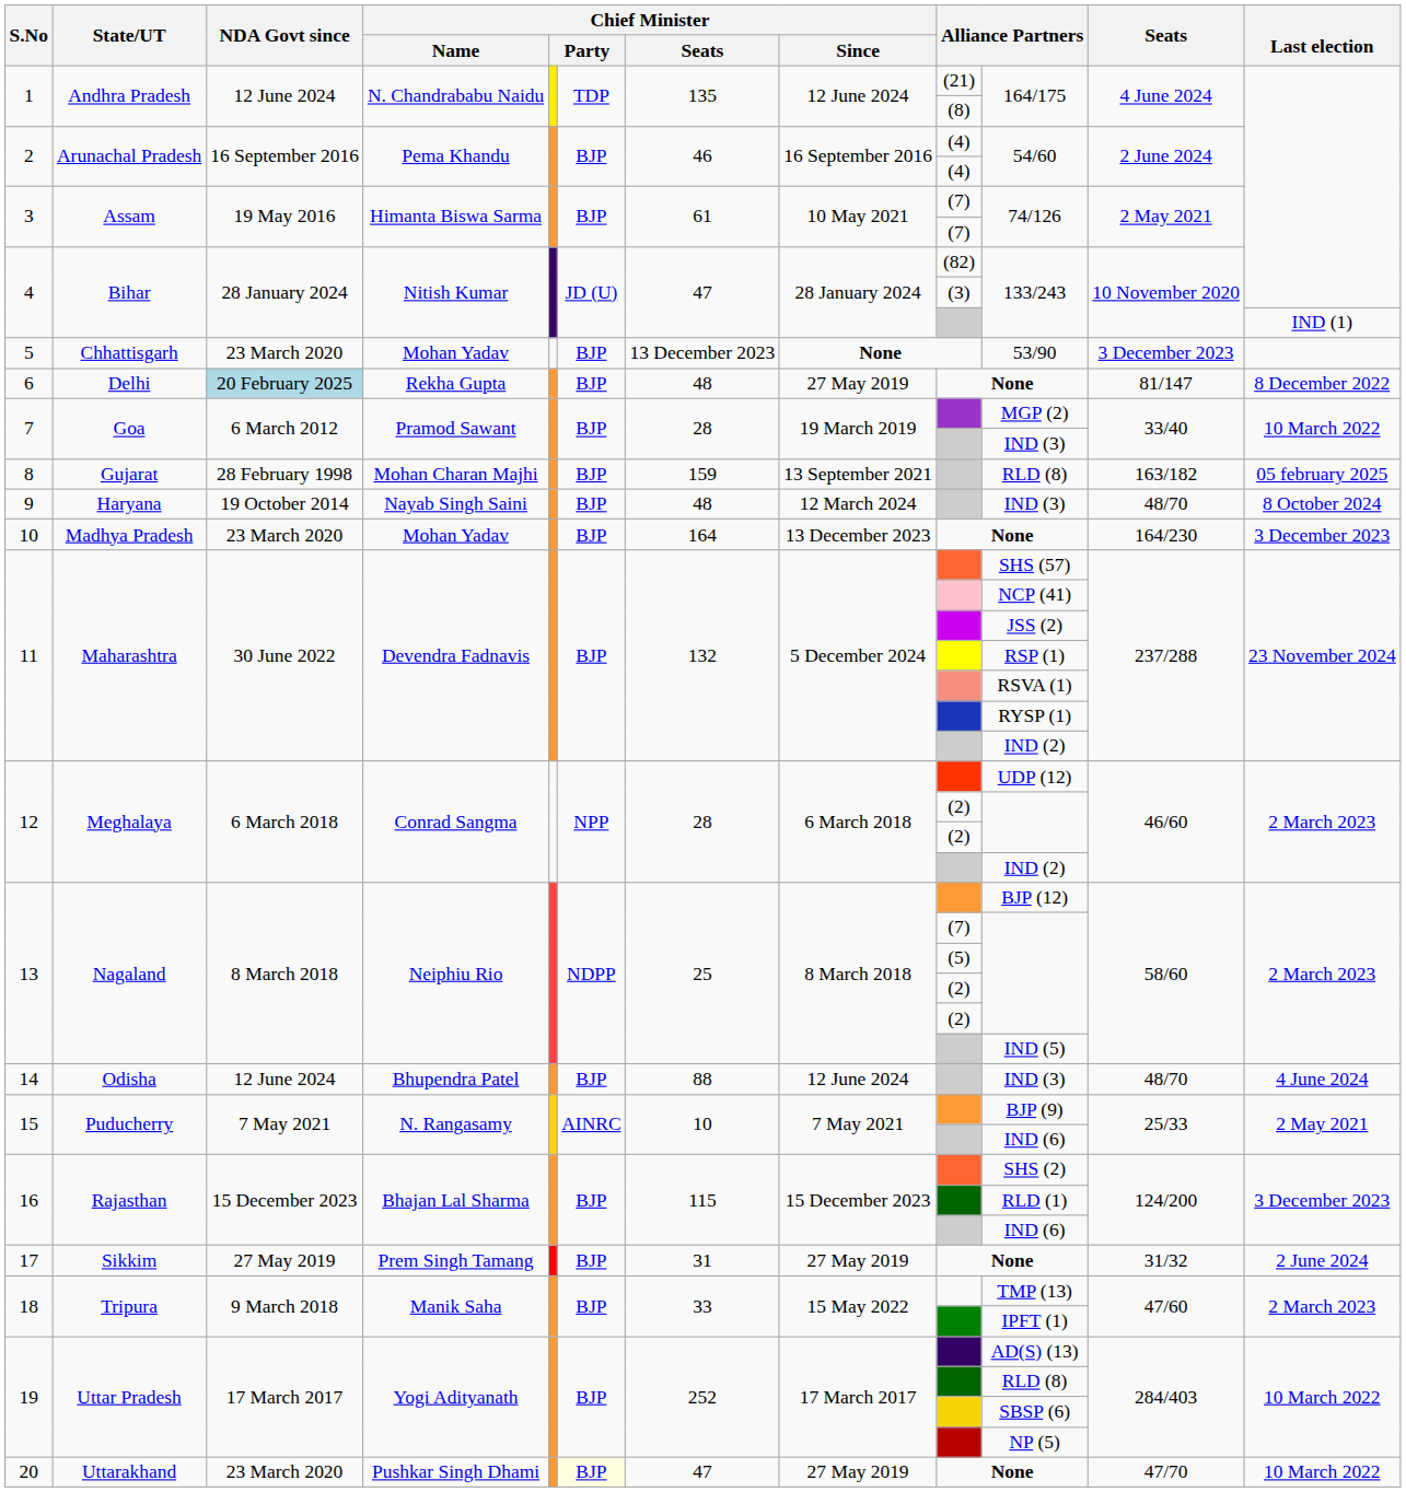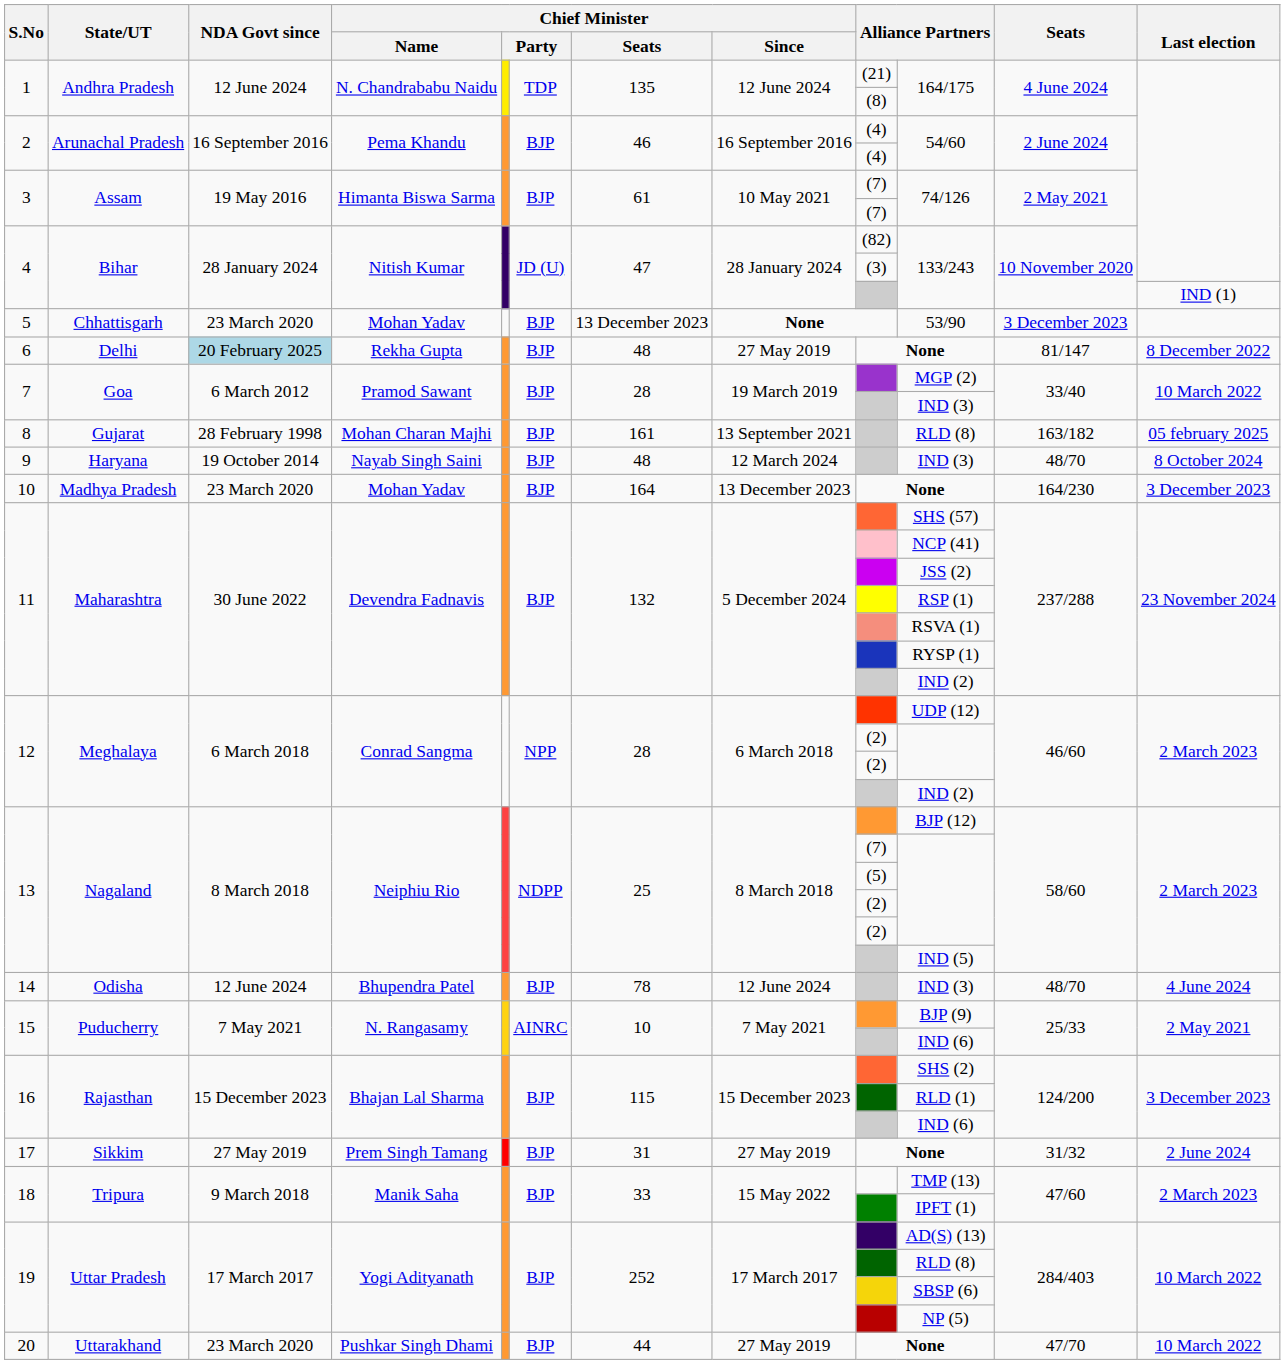 <table class="wikitable sortable" style="text-align:center">
 <tr>
 <th colspan="1" rowspan="2">S.No</th>
 <th colspan="1" rowspan="2">State/UT</th>
 <th rowspan="2">NDA Govt since</th>
 <th colspan="5" rowspan="1">Chief Minister</th>
 <th colspan="2" rowspan="2">Alliance Partners</th>
 <th colspan="1" rowspan="2">Seats</th>
 <th colspan="1" rowspan="2"><br>Last election</th>
 </tr>
 <tr>
 <th>Name</th>
 <th colspan="2">Party</th>
 <th>Seats</th>
 <th>Since</th>
 </tr>
 <tr>
 <td rowspan=2>1</td>
 <td rowspan=2><a href='#'>Andhra Pradesh</a><br></td>
 <td rowspan=2>12 June 2024</td>
 <td rowspan=2><a href='#'>N. Chandrababu Naidu</a></td>
 <td rowspan="2" bgcolor="#FFED00"></td>
 <td rowspan=2><a href='#'>TDP</a></td>
 <td rowspan=2>135</td>
 <td rowspan=2>12 June 2024</td>
 <td> (21)</td>
 <td rowspan=2>164/175</td>
 <td rowspan=2><a href='#'>4 June 2024</a></td>
 </tr>
 <tr>
 <td> (8)</td>
 </tr>
 <tr>
 <td rowspan=2>2</td>
 <td rowspan=2><a href='#'>Arunachal Pradesh</a><br></td>
 <td rowspan=2>16 September 2016</td>
 <td rowspan=2><a href='#'>Pema Khandu</a></td>
 <td rowspan="2" bgcolor="#FF9933"></td>
 <td rowspan=2><a href='#'>BJP</a></td>
 <td rowspan=2>46</td>
 <td rowspan=2>16 September 2016</td>
 <td> (4)</td>
 <td rowspan=2>54/60</td>
 <td rowspan=2><a href='#'>2 June 2024</a></td>
 </tr>
 <tr>
 <td> (4)</td>
 </tr>
 <tr>
 <td rowspan="2">3</td>
 <td rowspan="2"><a href='#'>Assam</a><br></td>
 <td rowspan="2">19 May 2016</td>
 <td rowspan="2"><a href='#'>Himanta Biswa Sarma</a></td>
 <td rowspan="2" bgcolor="#FF9933"></td>
 <td rowspan="2"><a href='#'>BJP</a></td>
 <td rowspan="2">61</td>
 <td rowspan="2">10 May 2021</td>
 <td> (7)</td>
 <td rowspan="2">74/126</td>
 <td rowspan="2"><a href='#'>2 May 2021</a></td>
 </tr>
 <tr>
 <td> (7)</td>
 </tr>
 <tr>
 <td rowspan="3">4</td>
 <td rowspan="3"><a href='#'>Bihar</a><br></td>
 <td rowspan="3">28 January 2024</td>
 <td rowspan="3"><a href='#'>Nitish Kumar</a></td>
 <td rowspan="3" bgcolor="#330066"></td>
 <td rowspan="3"><a href='#'>JD (U)</a></td>
 <td rowspan="3">47</td>
 <td rowspan="3">28 January 2024</td>
 <td> (82)</td>
 <td rowspan="3">133/243</td>
 <td rowspan="3"><a href='#'>10 November 2020</a></td>
 </tr>
 <tr>
 <td> (3)</td>
 </tr>
 <tr>
 <td bgcolor="#CDCDCD"></td>
 <td><a href='#'>IND</a> (1)</td>
 </tr>
 <tr>
 <td>5</td>
 <td><a href='#'>Chhattisgarh</a><br></td>
 <td>23 March 2020</td>
 <td><a href='#'>Mohan Yadav</a></td>
 <td></td>
 <td><a href='#'>BJP</a></td>
 <td>13 December 2023</td>
 <td colspan="2"><strong>None</strong></td>
 <td>53/90</td>
 <td><a href='#'>3 December 2023</a></td>
 </tr>
 <tr>
 <td>6</td>
 <td><a href='#'>Delhi</a><br></td>
 <td style="background: lightblue;">20 February 2025</td>
 <td><a href='#'>Rekha Gupta</a></td>
 <td bgcolor="#FF9933"></td>
 <td><a href='#'>BJP</a></td>
 <td>48</td>
 <td>27 May 2019</td>
 <td Colspan=2><strong>None</strong></td>
 <td>81/147</td>
 <td><a href='#'>8 December 2022</a></td>
 </tr>
 <tr>
 <td rowspan="2">7</td>
 <td rowspan="2"><a href='#'>Goa</a><br></td>
 <td rowspan="2">6 March 2012</td>
 <td rowspan="2"><a href='#'>Pramod Sawant</a></td>
 <td rowspan="2" bgcolor="#FF9933"></td>
 <td rowspan="2"><a href='#'>BJP</a></td>
 <td rowspan="2">28</td>
 <td rowspan="2">19 March 2019</td>
 <td bgcolor="#9933CC"></td>
 <td><a href='#'>MGP</a> (2)</td>
 <td rowspan="2">33/40</td>
 <td rowspan="2"><a href='#'>10 March 2022</a></td>
 </tr>
 <tr>
 <td bgcolor="#CDCDCD"></td>
 <td><a href='#'>IND</a> (3)</td>
 </tr>
 <tr>
 <td>8</td>
 <td><a href='#'>Gujarat</a><br></td>
 <td>28 February 1998</td>
 <td><a href='#'>Mohan Charan Majhi</a></td>
 <td bgcolor="#FF9933"></td>
 <td><a href='#'>BJP</a></td>
-<td>159</td>
+<td>161</td>
 <td>13 September 2021</td>
 <td bgcolor="#CDCDCD"></td>
 <td><a href='#'>RLD</a> (8)</td>
 <td>163/182</td>
 <td><a href='#'>05 february 2025</a></td>
 </tr>
 <tr>
 <td>9</td>
 <td><a href='#'>Haryana</a><br></td>
 <td>19 October 2014</td>
 <td><a href='#'>Nayab Singh Saini</a></td>
 <td bgcolor="#FF9933"></td>
 <td><a href='#'>BJP</a></td>
 <td>48</td>
 <td>12 March 2024</td>
 <td bgcolor=#CDCDCD></td>
 <td><a href='#'>IND</a> (3)</td>
 <td>48/70</td>
 <td><a href='#'>8 October 2024</a></td>
 </tr>
 <tr>
 <td>10</td>
 <td><a href='#'>Madhya Pradesh</a><br></td>
 <td>23 March 2020</td>
 <td><a href='#'>Mohan Yadav</a></td>
 <td bgcolor="#FF9933"></td>
 <td><a href='#'>BJP</a></td>
 <td>164</td>
 <td>13 December 2023</td>
 <td Colspan=2><strong>None</strong></td>
 <td>164/230</td>
 <td><a href='#'>3 December 2023</a></td>
 </tr>
 <tr>
 <td rowspan=7>11</td>
 <td rowspan=7><a href='#'>Maharashtra</a><br></td>
 <td rowspan=7>30 June 2022</td>
 <td rowspan=7><a href='#'>Devendra Fadnavis</a></td>
 <td rowspan="7" bgcolor="#FF9933"></td>
 <td rowspan=7><a href='#'>BJP</a></td>
 <td rowspan=7>132</td>
 <td rowspan=7>5 December 2024</td>
 <td bgcolor=FF6634></td>
 <td><a href='#'>SHS</a> (57)</td>
 <td rowspan=7>237/288</td>
 <td rowspan=7><a href='#'>23 November 2024</a></td>
 </tr>
 <tr>
 <td bgcolor="#FFC0CB"></td>
 <td><a href='#'>NCP</a> (41)</td>
 </tr>
 <tr>
 <td bgcolor="#CB00F1"></td>
 <td><a href='#'>JSS</a> (2)</td>
 </tr>
 <tr>
 <td bgcolor="#FFFF00"></td>
 <td><a href='#'>RSP</a> (1)</td>
 </tr>
 <tr>
 <td bgcolor="#F58E7D"></td>
 <td>RSVA (1)</td>
 </tr>
 <tr>
 <td bgcolor="#1A34BB"></td>
 <td>RYSP (1)</td>
 </tr>
 <tr>
 <td bgcolor="#CDCDCD"></td>
 <td><a href='#'>IND</a> (2)</td>
 </tr>
 <tr>
 <td Rowspan=4>12</td>
 <td Rowspan=4><a href='#'>Meghalaya</a><br></td>
 <td Rowspan=4>6 March 2018</td>
 <td Rowspan=4><a href='#'>Conrad Sangma</a></td>
 <td rowspan="4"></td>
 <td Rowspan=4><a href='#'>NPP</a></td>
 <td Rowspan=4>28</td>
 <td Rowspan=4>6 March 2018</td>
 <td bgcolor=#FF3300></td>
 <td><a href='#'>UDP</a> (12)</td>
 <td Rowspan=4>46/60</td>
 <td Rowspan=4><a href='#'>2 March 2023</a></td>
 </tr>
 <tr>
 <td> (2)</td>
 </tr>
 <tr>
 <td> (2)</td>
 </tr>
 <tr>
 <td bgcolor="#CDCDCD"></td>
 <td><a href='#'>IND</a> (2)</td>
 </tr>
 <tr>
 <td rowspan="6">13</td>
 <td rowspan="6"><a href='#'>Nagaland</a><br></td>
 <td rowspan="6">8 March 2018</td>
 <td rowspan="6"><a href='#'>Neiphiu Rio</a></td>
 <td rowspan="6" bgcolor="#FD4242"></td>
 <td rowspan="6"><a href='#'>NDPP</a></td>
 <td rowspan="6">25</td>
 <td rowspan="6">8 March 2018</td>
 <td bgcolor="#FF9933"></td>
 <td><a href='#'>BJP</a> (12)</td>
 <td rowspan="6">58/60</td>
 <td rowspan="6"><a href='#'>2 March 2023</a></td>
 </tr>
 <tr>
 <td> (7)</td>
 </tr>
 <tr>
 <td> (5)</td>
 </tr>
 <tr>
 <td> (2)</td>
 </tr>
 <tr>
 <td> (2)</td>
 </tr>
 <tr>
 <td bgcolor="#CDCDCD"></td>
 <td><a href='#'>IND</a> (5)</td>
 </tr>
 <tr>
 <td>14</td>
 <td><a href='#'>Odisha</a><br></td>
 <td>12 June 2024</td>
 <td><a href='#'>Bhupendra Patel</a></td>
 <td bgcolor="#FF9933"></td>
 <td><a href='#'>BJP</a></td>
-<td>88</td>
+<td>78</td>
 <td>12 June 2024</td>
 <td bgcolor=#CDCDCD></td>
 <td><a href='#'>IND</a> (3)</td>
 <td>48/70</td>
 <td><a href='#'>4 June 2024</a></td>
 </tr>
 <tr>
 <td Rowspan=2>15</td>
 <td Rowspan=2><a href='#'>Puducherry</a><br></td>
 <td Rowspan=2>7 May 2021</td>
 <td Rowspan=2><a href='#'>N. Rangasamy</a></td>
 <td rowspan="2" bgcolor="#FFD311"></td>
 <td Rowspan=2><a href='#'>AINRC</a></td>
 <td Rowspan=2>10</td>
 <td Rowspan=2>7 May 2021</td>
 <td bgcolor=#FF9933></td>
 <td><a href='#'>BJP</a> (9)</td>
 <td Rowspan=2>25/33</td>
 <td Rowspan=2><a href='#'>2 May 2021</a></td>
 </tr>
 <tr>
 <td bgcolor="#CDCDCD"></td>
 <td><a href='#'>IND</a> (6)</td>
 </tr>
 <tr>
 <td Rowspan=3>16</td>
 <td Rowspan=3><a href='#'>Rajasthan</a><br></td>
 <td Rowspan=3>15 December 2023</td>
 <td Rowspan=3><a href='#'>Bhajan Lal Sharma</a></td>
 <td rowspan="3" bgcolor="#FF9933"></td>
 <td Rowspan=3><a href='#'>BJP</a></td>
 <td Rowspan=3>115</td>
 <td Rowspan=3>15 December 2023</td>
 <td bgcolor=#FF6634></td>
 <td><a href='#'>SHS</a> (2)</td>
 <td Rowspan=3>124/200</td>
 <td Rowspan=3><a href='#'>3 December 2023</a></td>
 </tr>
 <tr>
 <td bgcolor="#006400"></td>
 <td><a href='#'>RLD</a> (1)</td>
 </tr>
 <tr>
 <td bgcolor="#CDCDCD"></td>
 <td><a href='#'>IND</a> (6)</td>
 </tr>
 <tr>
 <td>17</td>
 <td><a href='#'>Sikkim</a><br></td>
 <td>27 May 2019</td>
 <td><a href='#'>Prem Singh Tamang</a></td>
 <td bgcolor="#FF0000"></td>
 <td><a href='#'>BJP</a></td>
 <td>31</td>
 <td>27 May 2019</td>
 <td Colspan=2><strong>None</strong></td>
 <td>31/32</td>
 <td><a href='#'>2 June 2024</a></td>
 </tr>
 <tr>
 <td rowspan=2>18</td>
 <td rowspan=2><a href='#'>Tripura</a><br></td>
 <td rowspan=2>9 March 2018</td>
 <td rowspan=2><a href='#'>Manik Saha</a></td>
 <td rowspan="2" bgcolor="#FF9933"></td>
 <td rowspan=2><a href='#'>BJP</a></td>
 <td rowspan=2>33</td>
 <td rowspan=2>15 May 2022</td>
 <td bgcolor=></td>
 <td><a href='#'>TMP</a> (13)</td>
 <td rowspan=2>47/60</td>
 <td rowspan=2><a href='#'>2 March 2023</a></td>
 </tr>
 <tr>
 <td bgcolor="#008000"></td>
 <td><a href='#'>IPFT</a> (1)</td>
 </tr>
 <tr>
 <td Rowspan=4>19</td>
 <td Rowspan=4><a href='#'>Uttar Pradesh</a><br></td>
 <td Rowspan=4>17 March 2017</td>
 <td Rowspan=4><a href='#'>Yogi Adityanath</a></td>
 <td rowspan="4" bgcolor="#FF9933"></td>
 <td Rowspan=4><a href='#'>BJP</a></td>
 <td Rowspan=4>252</td>
 <td Rowspan=4>17 March 2017</td>
 <td bgcolor=#330066></td>
 <td><a href='#'>AD(S)</a> (13)</td>
 <td Rowspan=4>284/403</td>
 <td Rowspan=4><a href='#'>10 March 2022</a></td>
 </tr>
 <tr>
 <td bgcolor="#006400"></td>
 <td><a href='#'>RLD</a> (8)</td>
 </tr>
 <tr>
 <td bgcolor="#F5D50A"></td>
 <td><a href='#'>SBSP</a> (6)</td>
 </tr>
 <tr>
 <td bgcolor="#B80000"></td>
 <td><a href='#'>NP</a> (5)</td>
 </tr>
 <tr>
 <td>20</td>
 <td><a href='#'>Uttarakhand</a><br></td>
 <td>23 March 2020</td>
 <td><a href='#'>Pushkar Singh Dhami</a></td>
 <td bgcolor="#FF9933"></td>
-<td style="background: lightyellow;"><a href='#'>BJP</a></td>
-<td>47</td>
+<td><a href='#'>BJP</a></td>
+<td>44</td>
 <td>27 May 2019</td>
 <td Colspan=2><strong>None</strong></td>
 <td>47/70</td>
 <td><a href='#'>10 March 2022</a></td>
 </tr>
 </table>
